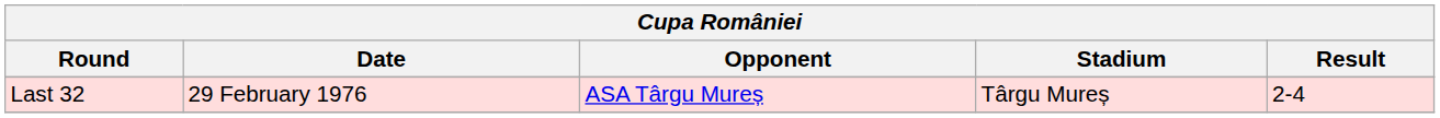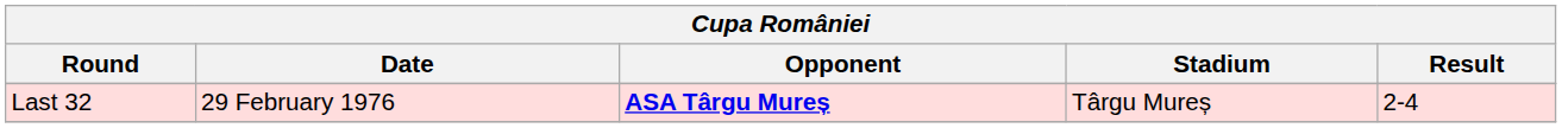 <table class="wikitable" style="width:80%;">
 <tr>
 <th colspan="5" style="text-align:center;"><em>Cupa României</em></th>
 </tr>
 <tr>
 <th>Round</th>
 <th>Date</th>
 <th>Opponent</th>
 <th>Stadium</th>
 <th>Result</th>
 </tr>
 <tr>
 </tr>
 <tr bgcolor="#ffdddd">
 <td>Last 32</td>
 <td>29 February 1976</td>
-<td><a href='#'>ASA Târgu Mureș</a></td>
+<td><strong><a href='#'>ASA Târgu Mureș</a></strong></td>
 <td>Târgu Mureș</td>
 <td>2-4</td>
 </tr>
 <tr>
 </tr>
 </table>
